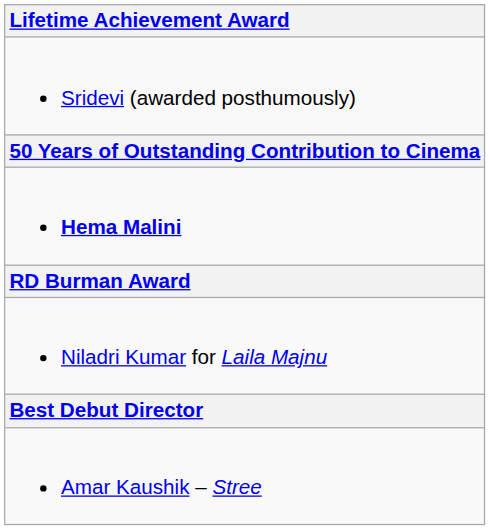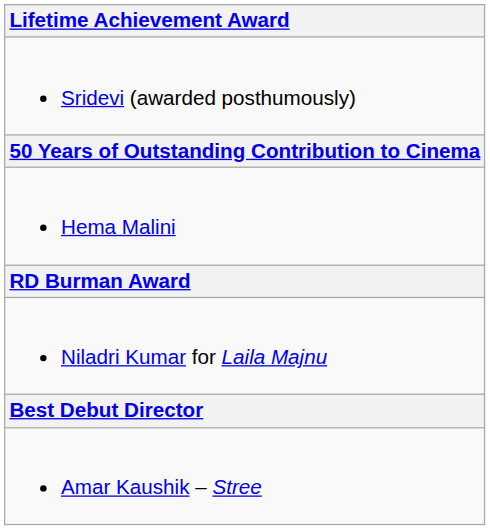 <table class="wikitable">
 <tr>
 <th style="text-align: left;" colspan="2"><a href='#'>Lifetime Achievement Award</a></th>
 </tr>
 <tr>
 <td colspan=3><br><ul><li><a href='#'>Sridevi</a> (awarded posthumously)</li></ul></td>
 </tr>
 <tr>
 <th><a href='#'>50 Years of Outstanding Contribution to Cinema</a></th>
 </tr>
 <tr>
-<td><strong><br><ul><li><a href='#'>Hema Malini</a></li></ul></strong></td>
+<td><br><ul><li><a href='#'>Hema Malini</a></li></ul></td>
 </tr>
 <tr>
 <th style="text-align: left;" colspan="2"><a href='#'>RD Burman Award</a></th>
 </tr>
 <tr>
 <td colspan=2><br><ul><li><a href='#'>Niladri Kumar</a> for <em><a href='#'>Laila Majnu</a></em></li></ul></td>
 </tr>
 <tr>
 <th style="text-align: left;" colspan="2"><a href='#'>Best Debut Director</a></th>
 </tr>
 <tr>
 <td colspan=2><br><ul><li><a href='#'>Amar Kaushik</a> – <em><a href='#'>Stree</a></em></li></ul></td>
 </tr>
 </table>
